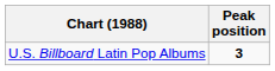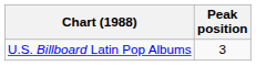 <table class="wikitable">
 <tr>
 <th align="center">Chart (1988)</th>
 <th align="center">Peak<br>position</th>
 </tr>
 <tr>
 <td align="left"><a href='#'>U.S. <em>Billboard</em> Latin Pop Albums</a></td>
-<td align="center"><strong>3</strong></td>
+<td align="center">3</td>
 </tr>
 </table>
